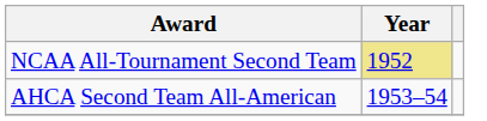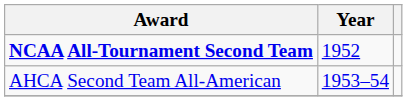 <table class="wikitable">
 <tr>
 <th>Award</th>
 <th>Year</th>
 <th></th>
 </tr>
 <tr>
-<td><a href='#'>NCAA</a> <a href='#'>All-Tournament Second Team</a></td>
-<td style="background: khaki;"><a href='#'>1952</a></td>
+<td><strong><a href='#'>NCAA</a> <a href='#'>All-Tournament Second Team</a></strong></td>
+<td><a href='#'>1952</a></td>
 <td></td>
 </tr>
 <tr>
 <td><a href='#'>AHCA</a> <a href='#'>Second Team All-American</a></td>
 <td><a href='#'>1953–54</a></td>
 <td></td>
 </tr>
 <tr>
 </tr>
 </table>
